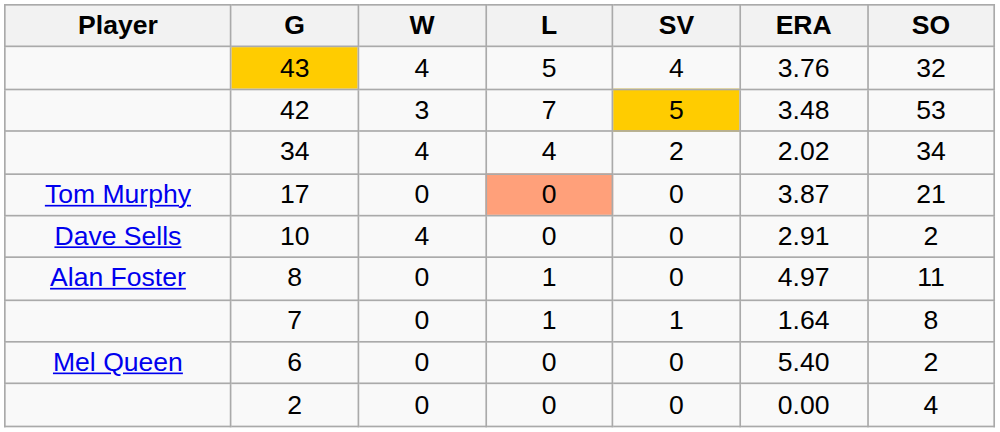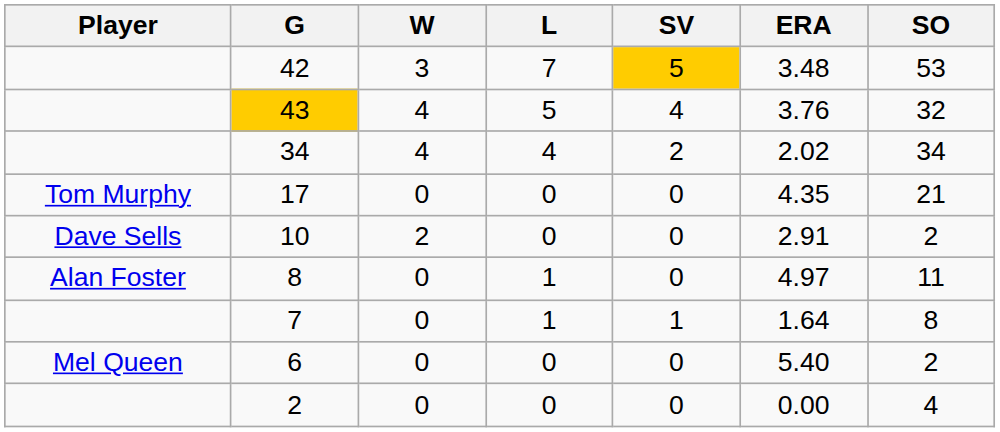 <table class="wikitable sortable">
 <tr>
 <th bgcolor="#DDDDFF" width="16%">Player</th>
 <th bgcolor="#DDDDFF" width="9%">G</th>
 <th bgcolor="#DDDDFF" width="9%">W</th>
 <th bgcolor="#DDDDFF" width="9%">L</th>
 <th bgcolor="#DDDDFF" width="9%">SV</th>
 <th bgcolor="#DDDDFF" width="9%">ERA</th>
 <th bgcolor="#DDDDFF" width="9%">SO</th>
 </tr>
 <tr align="center">
 <td></td>
+<td>42</td>
+<td>3</td>
+<td>7</td>
+<td style="background:#fc0;">5</td>
+<td>3.48</td>
+<td>53</td>
+</tr>
+<tr align="center">
+<td></td>
 <td style="background:#fc0;">43</td>
 <td>4</td>
 <td>5</td>
 <td>4</td>
 <td>3.76</td>
 <td>32</td>
-</tr>
-<tr align="center">
-<td></td>
-<td>42</td>
-<td>3</td>
-<td>7</td>
-<td style="background:#fc0;">5</td>
-<td>3.48</td>
-<td>53</td>
 </tr>
 <tr align="center">
 <td></td>
 <td>34</td>
 <td>4</td>
 <td>4</td>
 <td>2</td>
 <td>2.02</td>
 <td>34</td>
 </tr>
 <tr align="center">
 <td><a href='#'>Tom Murphy</a></td>
 <td>17</td>
 <td>0</td>
-<td style="background: lightsalmon;">0</td>
 <td>0</td>
-<td>3.87</td>
+<td>0</td>
+<td>4.35</td>
 <td>21</td>
 </tr>
 <tr align=center>
 <td><a href='#'>Dave Sells</a></td>
 <td>10</td>
-<td>4</td>
+<td>2</td>
 <td>0</td>
 <td>0</td>
 <td>2.91</td>
 <td>2</td>
 </tr>
 <tr align=center>
 <td><a href='#'>Alan Foster</a></td>
 <td>8</td>
 <td>0</td>
 <td>1</td>
 <td>0</td>
 <td>4.97</td>
 <td>11</td>
 </tr>
 <tr align=center>
 <td></td>
 <td>7</td>
 <td>0</td>
 <td>1</td>
 <td>1</td>
 <td>1.64</td>
 <td>8</td>
 </tr>
 <tr align="center">
 <td><a href='#'>Mel Queen</a></td>
 <td>6</td>
 <td>0</td>
 <td>0</td>
 <td>0</td>
 <td>5.40</td>
 <td>2</td>
 </tr>
 <tr align=center>
 <td></td>
 <td>2</td>
 <td>0</td>
 <td>0</td>
 <td>0</td>
 <td>0.00</td>
 <td>4</td>
 </tr>
 </table>
